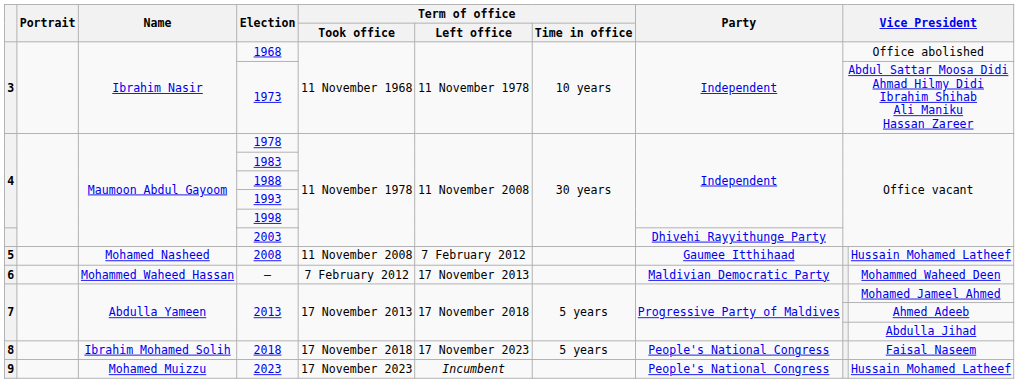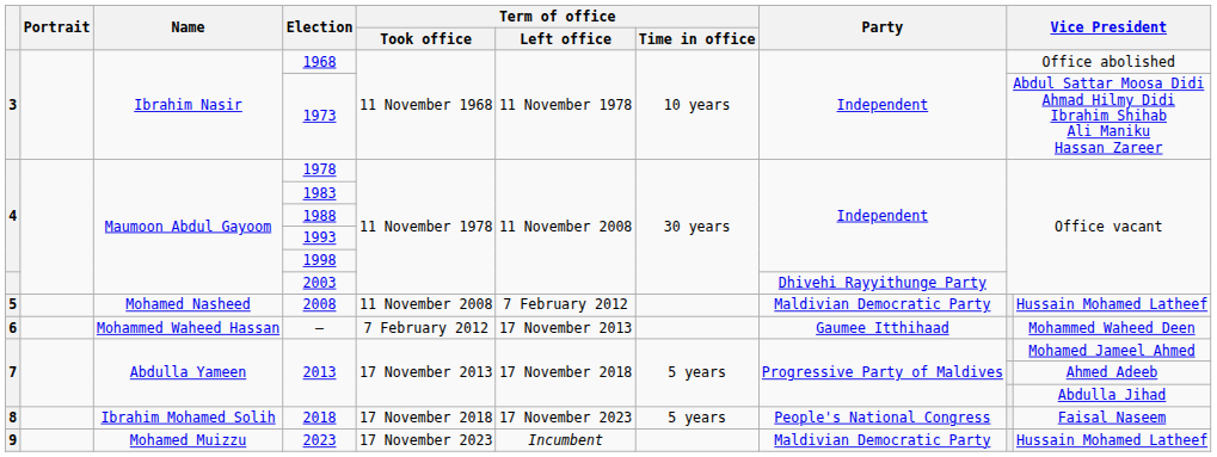 <table class="wikitable" style="text-align:center; font-size:100%;">
 <tr>
 <th rowspan="2"></th>
 <th rowspan="2">Portrait</th>
 <th rowspan="2">Name<br></th>
 <th rowspan="2">Election</th>
 <th colspan="3">Term of office</th>
 <th rowspan="2">Party</th>
 <th colspan="2" rowspan="2"><a href='#'>Vice President</a></th>
 </tr>
 <tr>
 <th>Took office</th>
 <th>Left office</th>
 <th>Time in office</th>
 </tr>
 <tr>
 <th rowspan="2" style="background:">3</th>
 <td rowspan="2"></td>
 <td rowspan="2"><a href='#'>Ibrahim Nasir</a><br></td>
 <td><a href='#'>1968</a></td>
 <td rowspan="2">11 November 1968</td>
 <td rowspan="2">11 November 1978</td>
 <td rowspan="2">10 years</td>
 <td rowspan="2"><a href='#'>Independent</a></td>
 <td colspan="2">Office abolished</td>
 </tr>
 <tr>
 <td><a href='#'>1973</a></td>
 <td colspan="2"><a href='#'>Abdul Sattar Moosa Didi</a><br><a href='#'>Ahmad Hilmy Didi</a><br><a href='#'>Ibrahim Shihab</a><br><a href='#'>Ali Maniku</a><br><a href='#'>Hassan Zareer</a></td>
 </tr>
 <tr>
 <th rowspan="6" style="background:">4</th>
 <td rowspan="7"></td>
 <td rowspan="7"><a href='#'>Maumoon Abdul Gayoom</a><br></td>
 <td><a href='#'>1978</a></td>
 <td rowspan="7">11 November 1978</td>
 <td rowspan="7">11 November 2008</td>
 <td rowspan="7">30 years</td>
 <td rowspan="6"><a href='#'>Independent</a><br></td>
 <td colspan="2" rowspan="7">Office vacant</td>
 </tr>
 <tr>
 <td><a href='#'>1983</a></td>
 </tr>
 <tr>
 <td><a href='#'>1988</a></td>
 </tr>
 <tr>
 <td><a href='#'>1993</a></td>
 </tr>
 <tr>
 <td><a href='#'>1998</a></td>
 </tr>
 <tr>
 <td rowspan="2"><a href='#'>2003</a></td>
 </tr>
 <tr>
 <th style="background:"></th>
 <td><a href='#'>Dhivehi Rayyithunge Party</a></td>
 </tr>
 <tr>
 <th style="background:">5</th>
 <td></td>
 <td><a href='#'>Mohamed Nasheed</a><br></td>
 <td><a href='#'>2008</a></td>
 <td>11 November 2008</td>
 <td>7 February 2012</td>
 <td></td>
-<td><a href='#'>Gaumee Itthihaad</a></td>
+<td><a href='#'>Maldivian Democratic Party</a></td>
 <th style="background:"></th>
 <td><a href='#'>Hussain Mohamed Latheef</a></td>
 </tr>
 <tr>
 <th style="background:">6</th>
 <td></td>
 <td><a href='#'>Mohammed Waheed Hassan</a><br></td>
 <td>—</td>
 <td>7 February 2012</td>
 <td>17 November 2013</td>
 <td></td>
-<td><a href='#'>Maldivian Democratic Party</a></td>
+<td><a href='#'>Gaumee Itthihaad</a></td>
 <th style="background:"></th>
 <td><a href='#'>Mohammed Waheed Deen</a></td>
 </tr>
 <tr>
 <th rowspan="3" style="background:">7</th>
 <td rowspan="3"></td>
 <td rowspan="3"><a href='#'>Abdulla Yameen</a><br></td>
 <td rowspan="3"><a href='#'>2013</a></td>
 <td rowspan="3">17 November 2013</td>
 <td rowspan="3">17 November 2018</td>
 <td rowspan="3">5 years</td>
 <td rowspan="3"><a href='#'>Progressive Party of Maldives</a></td>
 <th style="background:"></th>
 <td><a href='#'>Mohamed Jameel Ahmed</a></td>
 </tr>
 <tr>
 <th style="background:"></th>
 <td><a href='#'>Ahmed Adeeb</a></td>
 </tr>
 <tr>
 <th style="background:"></th>
 <td><a href='#'>Abdulla Jihad</a></td>
 </tr>
 <tr>
 <th style="background:">8</th>
 <td></td>
 <td><a href='#'>Ibrahim Mohamed Solih</a><br></td>
 <td><a href='#'>2018</a></td>
 <td>17 November 2018</td>
 <td>17 November 2023</td>
 <td>5 years</td>
 <td><a href='#'>People's National Congress</a></td>
 <th style="background:"></th>
 <td><a href='#'>Faisal Naseem</a></td>
 </tr>
 <tr>
 <th style="background:">9</th>
 <td></td>
 <td><a href='#'>Mohamed Muizzu</a><br></td>
 <td><a href='#'>2023</a></td>
 <td>17 November 2023</td>
 <td><em>Incumbent</em></td>
 <td></td>
-<td><a href='#'>People's National Congress</a></td>
+<td><a href='#'>Maldivian Democratic Party</a></td>
 <th style="background:"></th>
 <td><a href='#'>Hussain Mohamed Latheef</a></td>
 </tr>
 </table>
